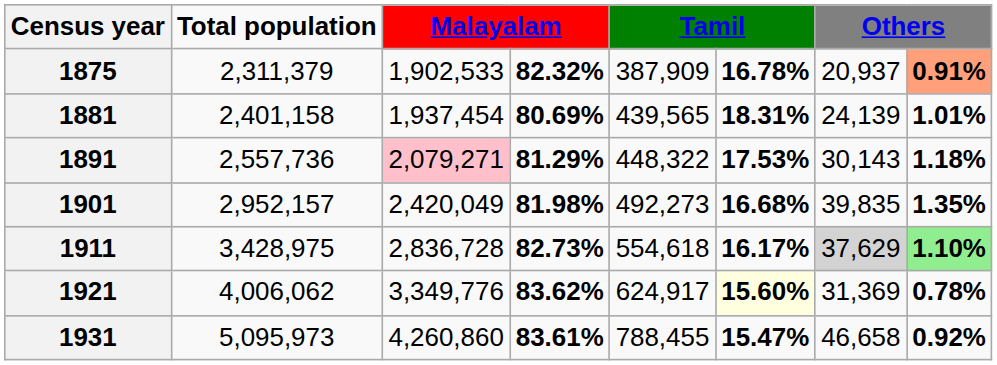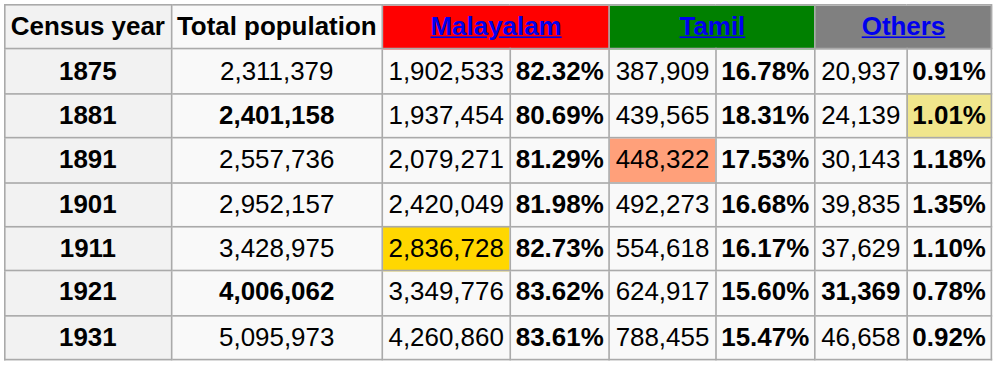 <table class="wikitable sortable" style="line-height:20px;text-align:center;">
 <tr>
 <th>Census year</th>
 <td><strong>Total population</strong></td>
 <td colspan="2" style="background:Red;"><a href='#'><span><strong>Malayalam</strong></span></a></td>
 <td colspan="2" style="background:Green;"><a href='#'><span><strong>Tamil</strong></span></a></td>
 <td colspan="2" style="background:gray;"><a href='#'><span><strong>Others</strong></span></a></td>
 </tr>
 <tr>
 <th>1875</th>
 <td>2,311,379</td>
 <td>1,902,533</td>
 <td><strong>82.32%</strong></td>
 <td>387,909</td>
 <td><strong>16.78%</strong></td>
 <td>20,937</td>
-<td style="background: lightsalmon;"><strong>0.91%</strong></td>
+<td><strong>0.91%</strong></td>
 </tr>
 <tr>
 <th>1881</th>
-<td>2,401,158</td>
+<td><strong>2,401,158</strong></td>
 <td>1,937,454</td>
 <td><strong>80.69%</strong></td>
 <td>439,565</td>
 <td><strong>18.31%</strong></td>
 <td>24,139</td>
-<td><strong>1.01%</strong></td>
+<td style="background: khaki;"><strong>1.01%</strong></td>
 </tr>
 <tr>
 <th>1891</th>
 <td>2,557,736</td>
-<td style="background: pink;">2,079,271</td>
+<td>2,079,271</td>
 <td><strong>81.29%</strong></td>
-<td>448,322</td>
+<td style="background: lightsalmon;">448,322</td>
 <td><strong>17.53%</strong></td>
 <td>30,143</td>
 <td><strong>1.18%</strong></td>
 </tr>
 <tr>
 <th>1901</th>
 <td>2,952,157</td>
 <td>2,420,049</td>
 <td><strong>81.98%</strong></td>
 <td>492,273</td>
 <td><strong>16.68%</strong></td>
 <td>39,835</td>
 <td><strong>1.35%</strong></td>
 </tr>
 <tr>
 <th>1911</th>
 <td>3,428,975</td>
-<td>2,836,728</td>
+<td style="background: gold;">2,836,728</td>
 <td><strong>82.73%</strong></td>
 <td>554,618</td>
 <td><strong>16.17%</strong></td>
-<td style="background: lightgrey;">37,629</td>
-<td style="background: lightgreen;"><strong>1.10%</strong></td>
+<td>37,629</td>
+<td><strong>1.10%</strong></td>
 </tr>
 <tr>
 <th>1921</th>
-<td>4,006,062</td>
+<td><strong>4,006,062</strong></td>
 <td>3,349,776</td>
 <td><strong>83.62%</strong></td>
 <td>624,917</td>
-<td style="background: lightyellow;"><strong>15.60%</strong></td>
-<td>31,369</td>
+<td><strong>15.60%</strong></td>
+<td><strong>31,369</strong></td>
 <td><strong>0.78%</strong></td>
 </tr>
 <tr>
 <th>1931</th>
 <td>5,095,973</td>
 <td>4,260,860</td>
 <td><strong>83.61%</strong></td>
 <td>788,455</td>
 <td><strong>15.47%</strong></td>
 <td>46,658</td>
 <td><strong>0.92%</strong></td>
 </tr>
 </table>
